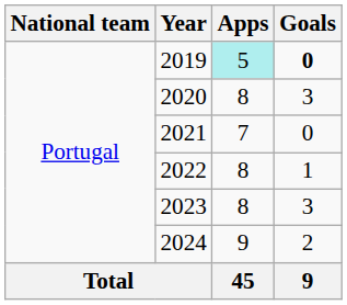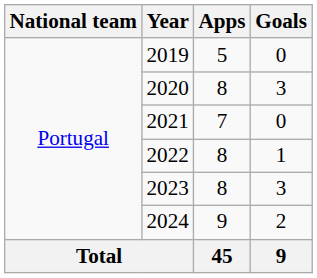 <table class="wikitable" style="text-align: center;">
 <tr>
 <th>National team</th>
 <th>Year</th>
 <th>Apps</th>
 <th>Goals</th>
 </tr>
 <tr>
 <td rowspan="6"><a href='#'>Portugal</a></td>
 <td>2019</td>
-<td style="background: paleturquoise;">5</td>
-<td><strong>0</strong></td>
+<td>5</td>
+<td>0</td>
 </tr>
 <tr>
 <td>2020</td>
 <td>8</td>
 <td>3</td>
 </tr>
 <tr>
 <td>2021</td>
 <td>7</td>
 <td>0</td>
 </tr>
 <tr>
 <td>2022</td>
 <td>8</td>
 <td>1</td>
 </tr>
 <tr>
 <td>2023</td>
 <td>8</td>
 <td>3</td>
 </tr>
 <tr>
 <td>2024</td>
 <td>9</td>
 <td>2</td>
 </tr>
 <tr>
 <th colspan="2">Total</th>
 <th>45</th>
 <th>9</th>
 </tr>
 </table>
